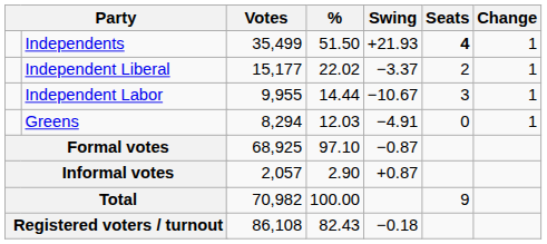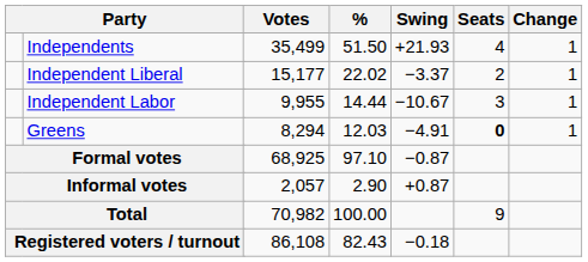 <table class="wikitable" style="text-align:right; margin-bottom:0">
 <tr>
 <th style="width:10px" colspan=3>Party</th>
 <th style="width:70px;">Votes</th>
 <th style="width:40px;">%</th>
 <th style="width:40px;">Swing</th>
 <th style="width:40px;">Seats</th>
 <th style="width:40px;">Change</th>
 </tr>
 <tr>
 <td> </td>
 <td style="text-align:left;" colspan="2"><a href='#'>Independents</a></td>
 <td>35,499</td>
 <td>51.50</td>
 <td>+21.93</td>
-<td><strong>4</strong></td>
+<td>4</td>
 <td> 1</td>
 </tr>
 <tr>
 <td> </td>
 <td style="text-align:left;" colspan="2"><a href='#'>Independent Liberal</a></td>
 <td>15,177</td>
 <td>22.02</td>
 <td>−3.37</td>
 <td>2</td>
 <td> 1</td>
 </tr>
 <tr>
 <td> </td>
 <td style="text-align:left;" colspan="2"><a href='#'>Independent Labor</a></td>
 <td>9,955</td>
 <td>14.44</td>
 <td>−10.67</td>
 <td>3</td>
 <td> 1</td>
 </tr>
 <tr>
 <td> </td>
 <td style="text-align:left;" colspan="2"><a href='#'>Greens</a></td>
 <td>8,294</td>
 <td>12.03</td>
 <td>−4.91</td>
-<td>0</td>
+<td><strong>0</strong></td>
 <td> 1</td>
 </tr>
 <tr>
 <th colspan="3" rowspan="1"> Formal votes</th>
 <td>68,925</td>
 <td>97.10</td>
 <td>−0.87</td>
 <td></td>
 <td></td>
 </tr>
 <tr>
 <th colspan="3" rowspan="1"> Informal votes</th>
 <td>2,057</td>
 <td>2.90</td>
 <td>+0.87</td>
 <td></td>
 <td></td>
 </tr>
 <tr>
 <th colspan="3" rowspan="1"> Total</th>
 <td>70,982</td>
 <td>100.00</td>
 <td></td>
 <td>9</td>
 <td></td>
 </tr>
 <tr>
 <th colspan="3" rowspan="1"> Registered voters / turnout</th>
 <td>86,108</td>
 <td>82.43</td>
 <td>−0.18</td>
 <td></td>
 <td></td>
 </tr>
 </table>
